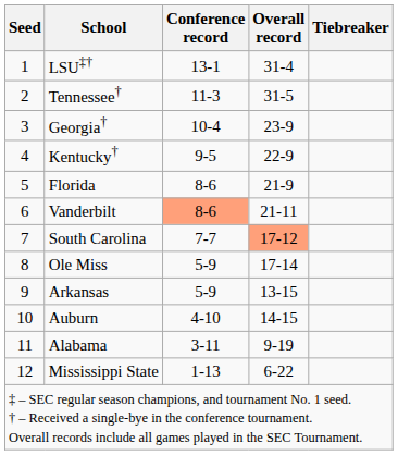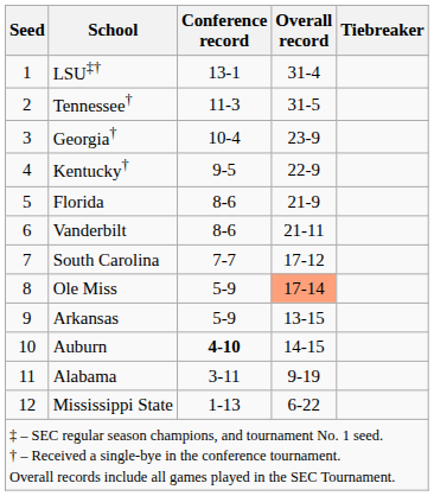 <table class="wikitable" style="white-space:nowrap; font-size:95%; text-align:center">
 <tr>
 <th>Seed</th>
 <th>School</th>
 <th>Conference<br>record</th>
 <th>Overall<br>record</th>
 <th>Tiebreaker</th>
 </tr>
 <tr>
 <td>1</td>
 <td align=left>LSU<sup>‡†</sup></td>
 <td>13-1</td>
 <td>31-4</td>
 <td></td>
 </tr>
 <tr>
 <td>2</td>
 <td align=left>Tennessee<sup>†</sup></td>
 <td>11-3</td>
 <td>31-5</td>
 <td></td>
 </tr>
 <tr>
 <td>3</td>
 <td align=left>Georgia<sup>†</sup></td>
 <td>10-4</td>
 <td>23-9</td>
 <td></td>
 </tr>
 <tr>
 <td>4</td>
 <td align=left>Kentucky<sup>†</sup></td>
 <td>9-5</td>
 <td>22-9</td>
 <td></td>
 </tr>
 <tr>
 <td>5</td>
 <td align=left>Florida</td>
 <td>8-6</td>
 <td>21-9</td>
 <td></td>
 </tr>
 <tr>
 <td>6</td>
 <td align=left>Vanderbilt</td>
-<td style="background: lightsalmon;">8-6</td>
+<td>8-6</td>
 <td>21-11</td>
 <td></td>
 </tr>
 <tr>
 <td>7</td>
 <td align=left>South Carolina</td>
 <td>7-7</td>
-<td style="background: lightsalmon;">17-12</td>
+<td>17-12</td>
 <td></td>
 </tr>
 <tr>
 <td>8</td>
 <td align=left>Ole Miss</td>
 <td>5-9</td>
-<td>17-14</td>
+<td style="background: lightsalmon;">17-14</td>
 <td></td>
 </tr>
 <tr>
 <td>9</td>
 <td align=left>Arkansas</td>
 <td>5-9</td>
 <td>13-15</td>
 <td></td>
 </tr>
 <tr>
 <td>10</td>
 <td align=left>Auburn</td>
-<td>4-10</td>
+<td><strong>4-10</strong></td>
 <td>14-15</td>
 <td></td>
 </tr>
 <tr>
 <td>11</td>
 <td align=left>Alabama</td>
 <td>3-11</td>
 <td>9-19</td>
 <td></td>
 </tr>
 <tr>
 <td>12</td>
 <td align=left>Mississippi State</td>
 <td>1-13</td>
 <td>6-22</td>
 <td></td>
 </tr>
 <tr>
 <td colspan=6 align=left><small>‡ – SEC regular season champions, and tournament No. 1 seed.<br>† – Received a single-bye in the conference tournament.<br>Overall records include all games played in the SEC Tournament.</small></td>
 </tr>
 </table>
